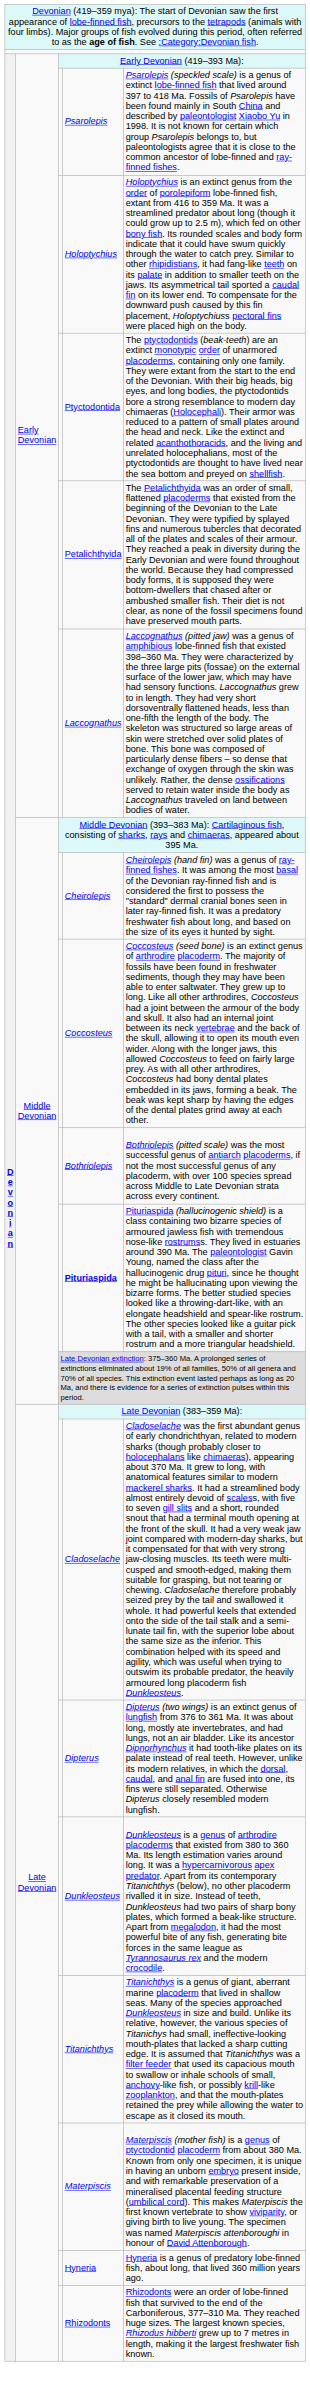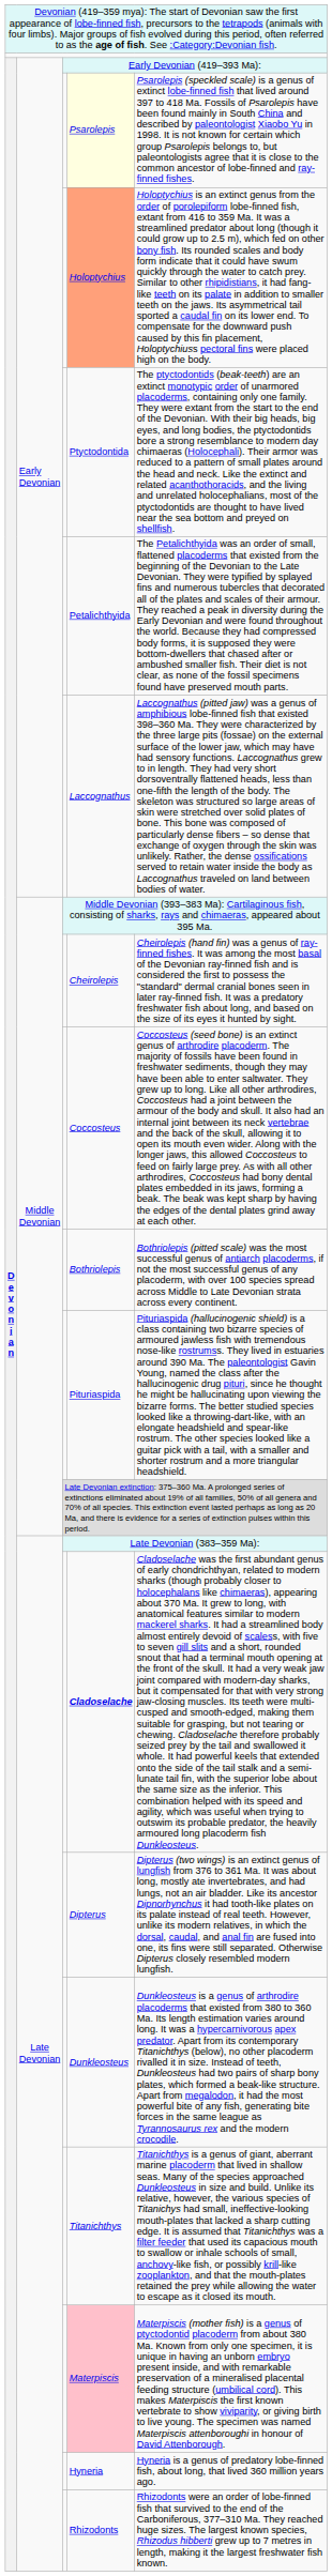 <table class="wikitable" style="clear: both; margin-left: 5em">
 <tr>
 <td colspan="5" style="text-align:center; background:#ddf8f8;"><a href='#'>Devonian</a> (419–359 mya): The start of Devonian saw the first appearance of <a href='#'>lobe-finned fish</a>, precursors to the <a href='#'>tetrapods</a> (animals with four limbs). Major groups of fish evolved during this period, often referred to as the <strong>age of fish</strong>. See <a href='#'>:Category:Devonian fish</a>.</td>
 </tr>
 <tr>
 <td colspan="5"></td>
 </tr>
 <tr>
 <th rowspan=20 style="background:"><a href='#'>D<br>e<br>v<br>o<br>n<br>i<br>a<br>n</a></th>
 <td rowspan=6 style="background:"><a href='#'>Early<br>Devonian</a></td>
 <td colspan="3"  style="text-align:center; background:#ddf8f8;"><a href='#'>Early Devonian</a> (419–393 Ma):</td>
 </tr>
 <tr>
 <td></td>
-<td><em><a href='#'>Psarolepis</a></em></td>
+<td style="background: lightyellow;"><em><a href='#'>Psarolepis</a></em></td>
 <td><em><a href='#'>Psarolepis</a></em> <em>(speckled scale)</em> is a genus of extinct <a href='#'>lobe-finned fish</a> that lived around 397 to 418 Ma. Fossils of <em>Psarolepis</em> have been found mainly in South <a href='#'>China</a> and described by <a href='#'>paleontologist</a> <a href='#'>Xiaobo Yu</a> in 1998. It is not known for certain which group <em>Psarolepis</em> belongs to, but paleontologists agree that it is close to the common ancestor of lobe-finned and <a href='#'>ray-finned fishes</a>.</td>
 </tr>
 <tr>
 <td></td>
-<td><em><a href='#'>Holoptychius</a></em></td>
+<td style="background: lightsalmon;"><em><a href='#'>Holoptychius</a></em></td>
 <td><em><a href='#'>Holoptychius</a></em> is an extinct genus from the <a href='#'>order</a> of <a href='#'>porolepiform</a> lobe-finned fish, extant from 416 to 359 Ma. It was a streamlined predator about  long (though it could grow up to 2.5 m), which fed on other <a href='#'>bony fish</a>. Its rounded scales and body form indicate that it could have swum quickly through the water to catch prey. Similar to other <a href='#'>rhipidistians</a>, it had fang-like <a href='#'>teeth</a> on its <a href='#'>palate</a> in addition to smaller teeth on the jaws. Its asymmetrical tail sported a <a href='#'>caudal fin</a> on its lower end. To compensate for the downward push caused by this fin placement, <em>Holoptychius</em>s <a href='#'>pectoral fins</a> were placed high on the body.</td>
 </tr>
 <tr>
 <td></td>
 <td><a href='#'>Ptyctodontida</a></td>
 <td>The <a href='#'>ptyctodontids</a> (<em>beak-teeth</em>) are an extinct <a href='#'>monotypic</a> <a href='#'>order</a> of unarmored <a href='#'>placoderms</a>, containing only one family. They were extant from the start to the end of the Devonian. With their big heads, big eyes, and long bodies, the ptyctodontids bore a strong resemblance to modern day chimaeras (<a href='#'>Holocephali</a>). Their armor was reduced to a pattern of small plates around the head and neck. Like the extinct and related <a href='#'>acanthothoracids</a>, and the living and unrelated holocephalians, most of the ptyctodontids are thought to have lived near the sea bottom and preyed on <a href='#'>shellfish</a>.</td>
 </tr>
 <tr>
 <td></td>
 <td><a href='#'>Petalichthyida</a></td>
 <td>The <a href='#'>Petalichthyida</a> was an order of small, flattened <a href='#'>placoderms</a> that existed from the beginning of the Devonian to the Late Devonian. They were typified by splayed fins and numerous tubercles that decorated all of the plates and scales of their armour. They reached a peak in diversity during the Early Devonian and were found throughout the world. Because they had compressed body forms, it is supposed they were bottom-dwellers that chased after or ambushed smaller fish. Their diet is not clear, as none of the fossil specimens found have preserved mouth parts.</td>
 </tr>
 <tr>
 <td></td>
 <td><em><a href='#'>Laccognathus</a></em></td>
 <td><em><a href='#'>Laccognathus</a></em> <em>(pitted jaw)</em> was a genus of <a href='#'>amphibious</a> lobe-finned fish that existed 398–360 Ma. They were characterized by the three large pits (fossae) on the external surface of the lower jaw, which may have had sensory functions. <em>Laccognathus</em> grew to   in length. They had very short dorsoventrally flattened heads, less than one-fifth the length of the body. The skeleton was structured so large areas of skin were stretched over solid plates of bone. This bone was composed of particularly dense fibers – so dense that exchange of oxygen through the skin was unlikely. Rather, the dense <a href='#'>ossifications</a> served to retain water inside the body as <em>Laccognathus</em> traveled on land between bodies of water.</td>
 </tr>
 <tr>
 <td rowspan=6 style="text-align:center; background:"><a href='#'>Middle<br>Devonian</a></td>
 <td colspan="3"  style="text-align:center; background:#ddf8f8;"><a href='#'>Middle Devonian</a> (393–383 Ma): <a href='#'>Cartilaginous fish</a>, consisting of <a href='#'>sharks</a>, <a href='#'>rays</a> and <a href='#'>chimaeras</a>, appeared about 395 Ma.</td>
 </tr>
 <tr>
 <td></td>
 <td><em><a href='#'>Cheirolepis</a></em></td>
 <td><em><a href='#'>Cheirolepis</a></em> <em>(hand fin)</em> was a genus of <a href='#'>ray-finned fishes</a>. It was among the most <a href='#'>basal</a> of the Devonian ray-finned fish and is considered the first to possess the "standard" dermal cranial bones seen in later ray-finned fish. It was a predatory freshwater fish about  long, and based on the size of its eyes it hunted by sight.</td>
 </tr>
 <tr>
 <td></td>
 <td><em><a href='#'>Coccosteus</a></em></td>
 <td><em><a href='#'>Coccosteus</a></em> <em>(seed bone)</em> is an extinct genus of <a href='#'>arthrodire</a> <a href='#'>placoderm</a>. The majority of fossils have been found in freshwater sediments, though they may have been able to enter saltwater. They grew up to  long. Like all other arthrodires, <em>Coccosteus</em> had a joint between the armour of the body and skull. It also had an internal joint between its neck <a href='#'>vertebrae</a> and the back of the skull, allowing it to open its mouth even wider. Along with the longer jaws, this allowed <em>Coccosteus</em> to feed on fairly large prey. As with all other arthrodires, <em>Coccosteus</em> had bony dental plates embedded in its jaws, forming a beak. The beak was kept sharp by having the edges of the dental plates grind away at each other.</td>
 </tr>
 <tr>
 <td></td>
 <td><em><a href='#'>Bothriolepis</a></em></td>
 <td><br><em><a href='#'>Bothriolepis</a></em> <em>(pitted scale)</em> was the most successful genus of <a href='#'>antiarch</a> <a href='#'>placoderms</a>, if not the most successful genus of any placoderm, with over 100 species spread across Middle to Late Devonian strata across every continent.</td>
 </tr>
 <tr>
 <td></td>
-<td><strong><a href='#'>Pituriaspida</a></strong></td>
+<td><a href='#'>Pituriaspida</a></td>
 <td><a href='#'>Pituriaspida</a> <em>(hallucinogenic shield)</em> is a class containing two bizarre species of armoured jawless fish with tremendous nose-like <a href='#'>rostrums</a>s. They lived in estuaries around 390 Ma. The <a href='#'>paleontologist</a> Gavin Young, named the class after the hallucinogenic drug <a href='#'>pituri</a>, since he thought he might be hallucinating upon viewing the bizarre forms. The better studied species looked like a throwing-dart-like, with an elongate headshield and spear-like rostrum. The other species looked like a guitar pick with a tail, with a smaller and shorter rostrum and a more triangular headshield.</td>
 </tr>
 <tr>
 <td colspan="3"  style="line-height:16px; background:#dddddd;"><small><a href='#'>Late Devonian extinction</a>: 375–360 Ma. A prolonged series of extinctions eliminated about 19% of all families, 50% of all genera and 70% of all species. This extinction event lasted perhaps as long as 20 Ma, and there is evidence for a series of extinction pulses within this period.</small></td>
 </tr>
 <tr>
 <td rowspan=8 style="text-align:center; background:"><a href='#'>Late<br>Devonian</a></td>
 <td colspan="3"  style="text-align:center; background:#ddf8f8;"><a href='#'>Late Devonian</a> (383–359 Ma):</td>
 </tr>
 <tr>
 <td></td>
-<td><em><a href='#'>Cladoselache</a></em></td>
+<td><strong><em><a href='#'>Cladoselache</a></em></strong></td>
 <td><em><a href='#'>Cladoselache</a></em> was the first abundant genus of early chondrichthyan, related to modern sharks (though probably closer to <a href='#'>holocephalans</a> like <a href='#'>chimaeras</a>), appearing about 370 Ma. It grew to  long, with anatomical features similar to modern <a href='#'>mackerel sharks</a>. It had a streamlined body almost entirely devoid of <a href='#'>scales</a>s, with five to seven <a href='#'>gill slits</a> and a short, rounded snout that had a terminal mouth opening at the front of the skull. It had a very weak jaw joint compared with modern-day sharks, but it compensated for that with very strong jaw-closing muscles. Its teeth were multi-cusped and smooth-edged, making them suitable for grasping, but not tearing or chewing. <em>Cladoselache</em> therefore probably seized prey by the tail and swallowed it whole. It had powerful keels that extended onto the side of the tail stalk and a semi-lunate tail fin, with the superior lobe about the same size as the inferior. This combination helped with its speed and agility, which was useful when trying to outswim its probable predator, the heavily armoured  long placoderm fish <em><a href='#'>Dunkleosteus</a></em>.</td>
 </tr>
 <tr>
 <td></td>
 <td><em><a href='#'>Dipterus</a></em></td>
 <td><em><a href='#'>Dipterus</a></em> <em>(two wings)</em> is an extinct genus of <a href='#'>lungfish</a> from 376 to 361 Ma. It was about  long, mostly ate invertebrates, and had lungs, not an air bladder. Like its ancestor <em><a href='#'>Dipnorhynchus</a></em> it had tooth-like plates on its palate instead of real teeth. However, unlike its modern relatives, in which the <a href='#'>dorsal</a>, <a href='#'>caudal</a>, and <a href='#'>anal fin</a> are fused into one, its fins were still separated. Otherwise <em>Dipterus</em> closely resembled modern lungfish.</td>
 </tr>
 <tr>
 <td></td>
 <td><em><a href='#'>Dunkleosteus</a></em></td>
 <td><br><em><a href='#'>Dunkleosteus</a></em> is a <a href='#'>genus</a> of <a href='#'>arthrodire</a> <a href='#'>placoderms</a> that existed from 380 to 360 Ma. Its length estimation varies around  long. It was a <a href='#'>hypercarnivorous</a> <a href='#'>apex predator</a>. Apart from its contemporary <em>Titanichthys</em> (below), no other placoderm rivalled it in size. Instead of teeth, <em>Dunkleosteus</em> had two pairs of sharp bony plates, which formed a beak-like structure. Apart from <a href='#'>megalodon</a>, it had the most powerful bite of any fish, generating bite forces in the same league as <em><a href='#'>Tyrannosaurus rex</a></em> and the modern <a href='#'>crocodile</a>.</td>
 </tr>
 <tr>
 <td></td>
 <td><em><a href='#'>Titanichthys</a></em></td>
 <td><em><a href='#'>Titanichthys</a></em> is a genus of giant, aberrant marine <a href='#'>placoderm</a> that lived in shallow seas. Many of the species approached <em><a href='#'>Dunkleosteus</a></em> in size and build. Unlike its relative, however, the various species of <em>Titanichys</em> had small, ineffective-looking mouth-plates that lacked a sharp cutting edge. It is assumed that <em>Titanichthys</em> was a <a href='#'>filter feeder</a> that used its capacious mouth to swallow or inhale schools of small, <a href='#'>anchovy</a>-like fish, or possibly <a href='#'>krill</a>-like <a href='#'>zooplankton</a>, and that the mouth-plates retained the prey while allowing the water to escape as it closed its mouth.</td>
 </tr>
 <tr>
 <td></td>
-<td><em><a href='#'>Materpiscis</a></em></td>
+<td style="background: pink;"><em><a href='#'>Materpiscis</a></em></td>
 <td><br><em><a href='#'>Materpiscis</a></em> <em>(mother fish)</em> is a <a href='#'>genus</a> of <a href='#'>ptyctodontid</a> <a href='#'>placoderm</a> from about 380 Ma. Known from only one specimen, it is unique in having an unborn <a href='#'>embryo</a> present inside, and with remarkable preservation of a mineralised placental feeding structure (<a href='#'>umbilical cord</a>). This makes <em>Materpiscis</em> the first known vertebrate to show <a href='#'>viviparity</a>, or giving birth to live young. The specimen was named <em>Materpiscis attenboroughi</em> in honour of <a href='#'>David Attenborough</a>.</td>
 </tr>
 <tr>
 <td></td>
 <td><a href='#'>Hyneria</a></td>
 <td><a href='#'>Hyneria</a> is a genus of predatory lobe-finned fish, about  long, that lived 360 million years ago.</td>
 </tr>
 <tr>
 <td></td>
 <td><a href='#'>Rhizodonts</a></td>
 <td><a href='#'>Rhizodonts</a> were an order of lobe-finned fish that survived to the end of the Carboniferous, 377–310 Ma. They reached huge sizes. The largest known species, <em><a href='#'>Rhizodus hibberti</a></em> grew up to 7 metres in length, making it the largest freshwater fish known.</td>
 </tr>
 </table>
